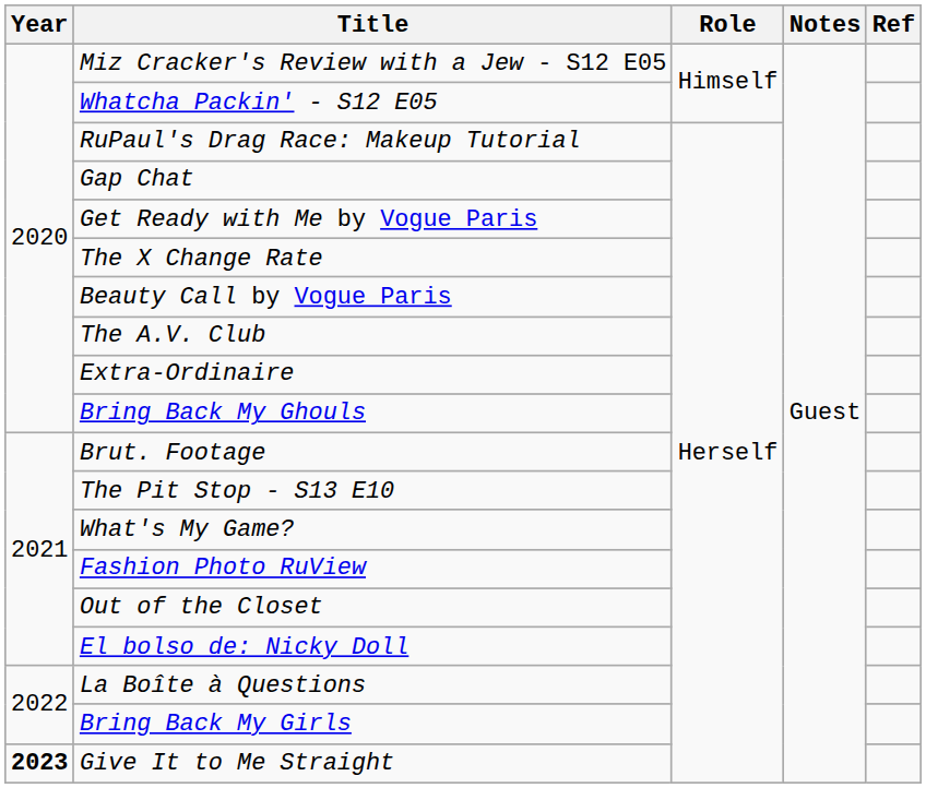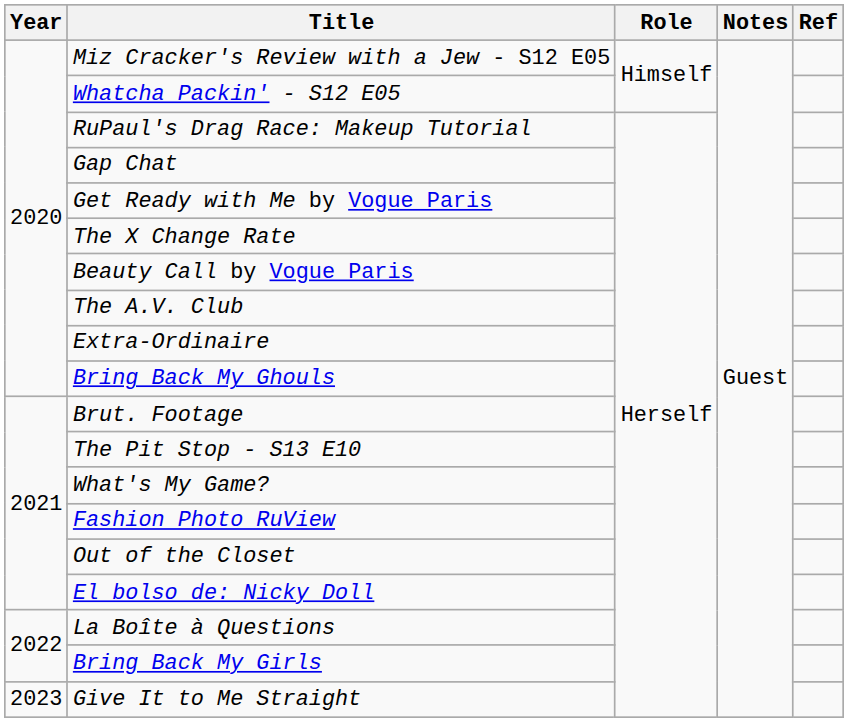 <table class="wikitable">
 <tr>
 <th>Year</th>
 <th>Title</th>
 <th>Role</th>
 <th>Notes</th>
 <th>Ref</th>
 </tr>
 <tr>
 <td rowspan="10">2020</td>
 <td><em>Miz Cracker's Review with a Jew</em> - S12 E05</td>
 <td rowspan="2">Himself</td>
 <td rowspan="22">Guest</td>
 <td></td>
 </tr>
 <tr>
 <td><em><a href='#'>Whatcha Packin'</a> - S12 E05</em></td>
 <td></td>
 </tr>
 <tr>
 <td><em>RuPaul's Drag Race: Makeup Tutorial</em></td>
 <td rowspan="20">Herself</td>
 <td></td>
 </tr>
 <tr>
 <td><em>Gap Chat</em></td>
 <td></td>
 </tr>
 <tr>
 <td><em>Get Ready with Me</em> by <a href='#'>Vogue Paris</a></td>
 <td></td>
 </tr>
 <tr>
 <td><em>The X Change Rate</em></td>
 <td></td>
 </tr>
 <tr>
 <td><em>Beauty Call</em> by <a href='#'>Vogue Paris</a></td>
 <td></td>
 </tr>
 <tr>
 <td><em>The A.V. Club</em></td>
 <td></td>
 </tr>
 <tr>
 <td><em>Extra-Ordinaire</em></td>
 <td></td>
 </tr>
 <tr>
 <td><em><a href='#'>Bring Back My Ghouls</a></em></td>
 <td style="text-align: center;"></td>
 </tr>
 <tr>
 <td rowspan="6">2021</td>
 <td><em>Brut. Footage</em></td>
 <td></td>
 </tr>
 <tr>
 <td><em>The Pit Stop - S13 E10</em></td>
 <td></td>
 </tr>
 <tr>
 <td><em>What's My Game?</em></td>
 <td style="text-align: center;"></td>
 </tr>
 <tr>
 <td><em><a href='#'>Fashion Photo RuView</a></em></td>
 <td></td>
 </tr>
 <tr>
 <td><em>Out of the Closet</em></td>
 <td></td>
 </tr>
 <tr>
 <td><em><a href='#'>El bolso de: Nicky Doll</a></em></td>
 <td></td>
 </tr>
 <tr>
 <td rowspan="2">2022</td>
 <td><em>La Boîte à Questions</em></td>
 <td></td>
 </tr>
 <tr>
 <td><em><a href='#'>Bring Back My Girls</a></em></td>
 <td></td>
 </tr>
 <tr>
-<td><strong>2023</strong></td>
+<td>2023</td>
 <td><em>Give It to Me Straight</em></td>
 <td></td>
 </tr>
 </table>
